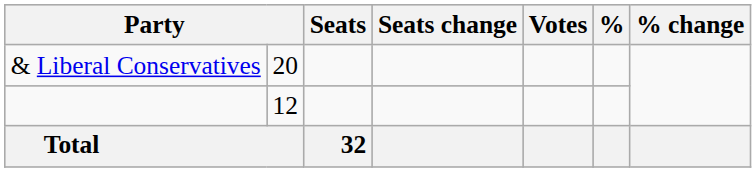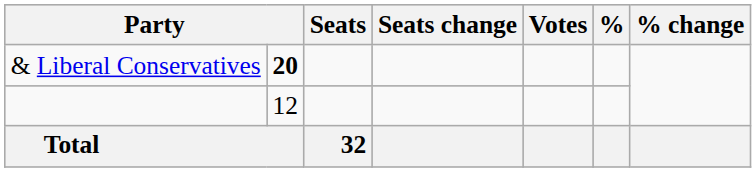 <table class="wikitable sortable">
 <tr>
 <th colspan=2>Party</th>
 <th>Seats</th>
 <th>Seats change</th>
 <th>Votes</th>
 <th>%</th>
 <th>% change</th>
 </tr>
 <tr>
 <td> & <a href='#'>Liberal Conservatives</a></td>
-<td align=right>20</td>
+<td align=right><strong>20</strong></td>
 <td align=right></td>
 <td align=right></td>
 <td align=right></td>
 <td align=right></td>
 </tr>
 <tr>
 <td></td>
 <td align=right>12</td>
 <td align=right></td>
 <td align=right></td>
 <td align=right></td>
 <td align=right></td>
 </tr>
 <tr class="sortbottom" style="font-weight: bold; text-align: right; background: #f2f2f2;">
 <th colspan="2" style="padding-left: 1.5em; text-align: left;">Total</th>
 <td align=right>32</td>
 <td align=right></td>
 <td align=right></td>
 <td align=right></td>
 <td align=right></td>
 </tr>
 </table>
